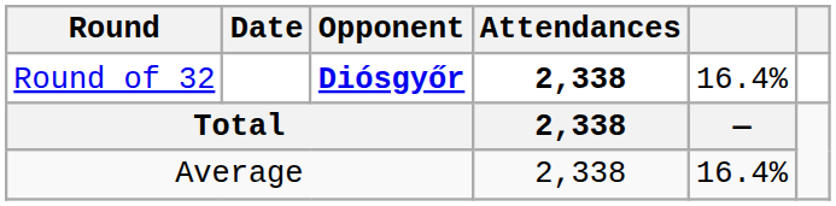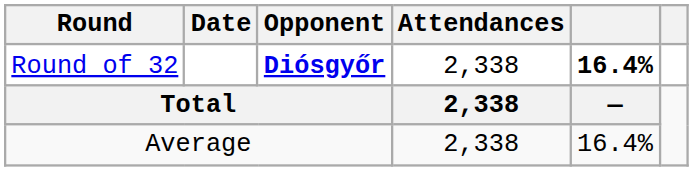 <table class="wikitable sortable mw-collapsible mw-collapsed" style="text-align:center; font-size:85%;">
 <tr>
 <th scope="col">Round</th>
 <th scope="col">Date</th>
 <th scope="col">Opponent</th>
 <th scope="col">Attendances</th>
 <th></th>
 <th></th>
 </tr>
 <tr bgcolor="white">
 <td><a href='#'>Round of 32</a></td>
 <td></td>
 <td><strong><a href='#'>Diósgyőr</a></strong></td>
-<td><strong>2,338</strong></td>
-<td>16.4%</td>
+<td>2,338</td>
+<td><strong>16.4%</strong></td>
 <td> </td>
 </tr>
 <tr>
 <th colspan="3">Total</th>
 <th>2,338</th>
 <th>—</th>
 </tr>
 <tr>
 <td colspan="3">Average</td>
 <td>2,338</td>
 <td>16.4%</td>
 </tr>
 </table>
